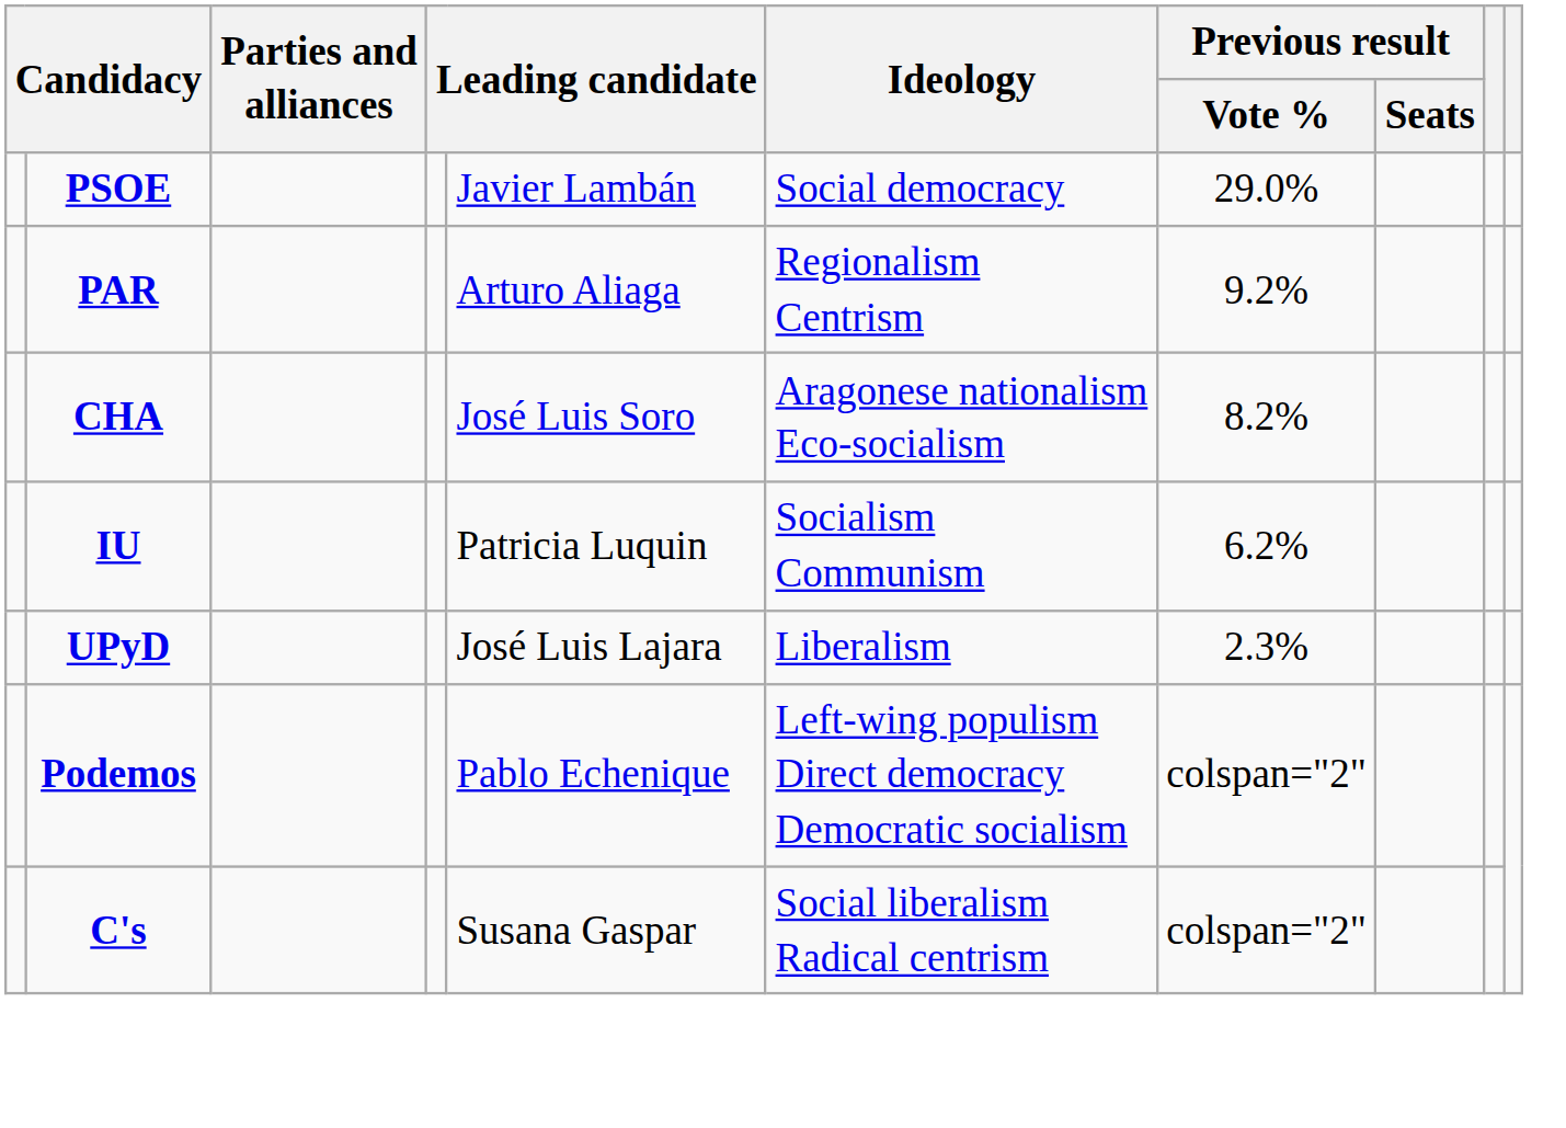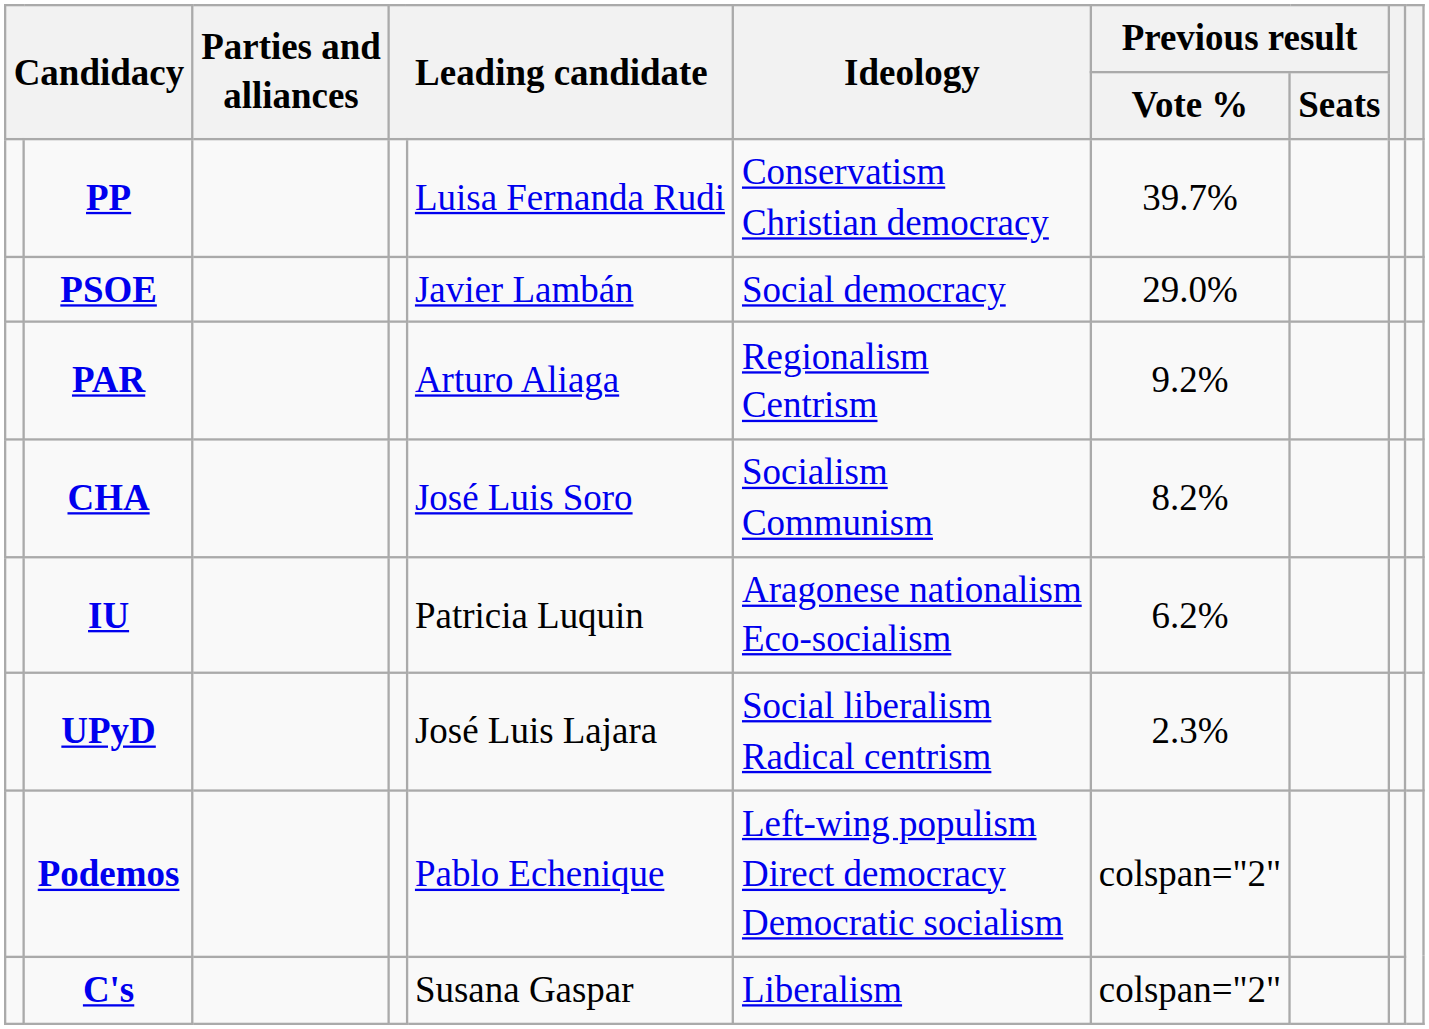 <table class="wikitable" style="line-height:1.35em; text-align:left;">
 <tr>
 <th colspan="2" rowspan="2">Candidacy</th>
 <th rowspan="2">Parties and<br>alliances</th>
 <th colspan="2" rowspan="2">Leading candidate</th>
 <th rowspan="2">Ideology</th>
 <th colspan="2">Previous result</th>
 <th rowspan="2"></th>
 <th rowspan="2"></th>
 </tr>
 <tr>
 <th>Vote %</th>
 <th>Seats</th>
+</tr>
+<tr>
+<td width="1" style="color:inherit;background:"></td>
+<td align="center"><strong><a href='#'>PP</a></strong></td>
+<td></td>
+<td></td>
+<td><a href='#'>Luisa Fernanda Rudi</a></td>
+<td><a href='#'>Conservatism</a><br><a href='#'>Christian democracy</a></td>
+<td align="center">39.7%</td>
+<td></td>
+<td></td>
+<td></td>
 </tr>
 <tr>
 <td style="color:inherit;background:"></td>
 <td align="center"><strong><a href='#'>PSOE</a></strong></td>
 <td></td>
 <td></td>
 <td><a href='#'>Javier Lambán</a></td>
 <td><a href='#'>Social democracy</a></td>
 <td align="center">29.0%</td>
 <td></td>
 <td></td>
 <td></td>
 </tr>
 <tr>
 <td style="color:inherit;background:"></td>
 <td align="center"><strong><a href='#'>PAR</a></strong></td>
 <td></td>
 <td></td>
 <td><a href='#'>Arturo Aliaga</a></td>
 <td><a href='#'>Regionalism</a><br><a href='#'>Centrism</a></td>
 <td align="center">9.2%</td>
 <td></td>
 <td></td>
 <td></td>
 </tr>
 <tr>
 <td style="color:inherit;background:"></td>
 <td align="center"><strong><a href='#'>CHA</a></strong></td>
 <td></td>
 <td></td>
 <td><a href='#'>José Luis Soro</a></td>
-<td><a href='#'>Aragonese nationalism</a><br><a href='#'>Eco-socialism</a></td>
+<td><a href='#'>Socialism</a><br><a href='#'>Communism</a></td>
 <td align="center">8.2%</td>
 <td></td>
 <td></td>
 <td></td>
 </tr>
 <tr>
 <td style="color:inherit;background:"></td>
 <td align="center"><strong><a href='#'>IU</a></strong></td>
 <td></td>
 <td></td>
 <td>Patricia Luquin</td>
-<td><a href='#'>Socialism</a><br><a href='#'>Communism</a></td>
+<td><a href='#'>Aragonese nationalism</a><br><a href='#'>Eco-socialism</a></td>
 <td align="center">6.2%</td>
 <td></td>
 <td></td>
 <td></td>
 </tr>
 <tr>
 <td style="color:inherit;background:"></td>
 <td align="center"><strong><a href='#'>UPyD</a></strong></td>
 <td></td>
 <td></td>
 <td>José Luis Lajara</td>
-<td><a href='#'>Liberalism</a></td>
+<td><a href='#'>Social liberalism</a><br><a href='#'>Radical centrism</a></td>
 <td align="center">2.3%</td>
 <td></td>
 <td></td>
 <td></td>
 </tr>
 <tr>
 <td style="color:inherit;background:"></td>
 <td align="center"><strong><a href='#'>Podemos</a></strong></td>
 <td></td>
 <td></td>
 <td><a href='#'>Pablo Echenique</a></td>
 <td><a href='#'>Left-wing populism</a><br><a href='#'>Direct democracy</a><br><a href='#'>Democratic socialism</a></td>
 <td>colspan="2" </td>
 <td></td>
 <td></td>
 </tr>
 <tr>
 <td style="color:inherit;background:"></td>
 <td align="center"><strong><a href='#'>C's</a></strong></td>
 <td></td>
 <td></td>
 <td>Susana Gaspar</td>
-<td><a href='#'>Social liberalism</a><br><a href='#'>Radical centrism</a></td>
+<td><a href='#'>Liberalism</a></td>
 <td>colspan="2" </td>
 <td></td>
 <td></td>
 </tr>
 </table>
